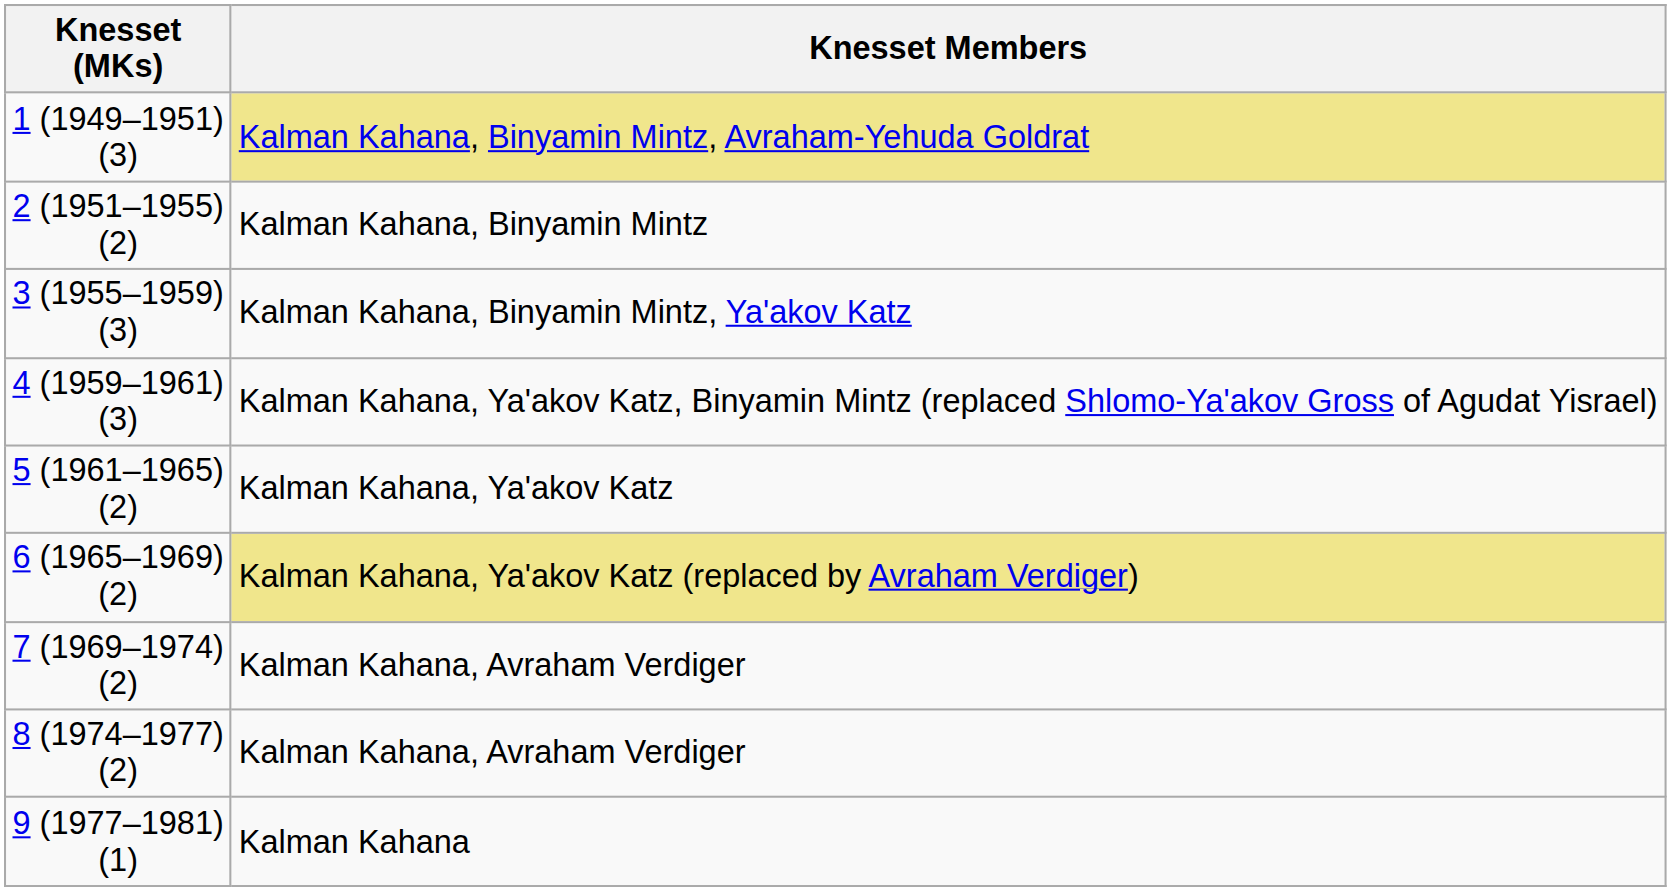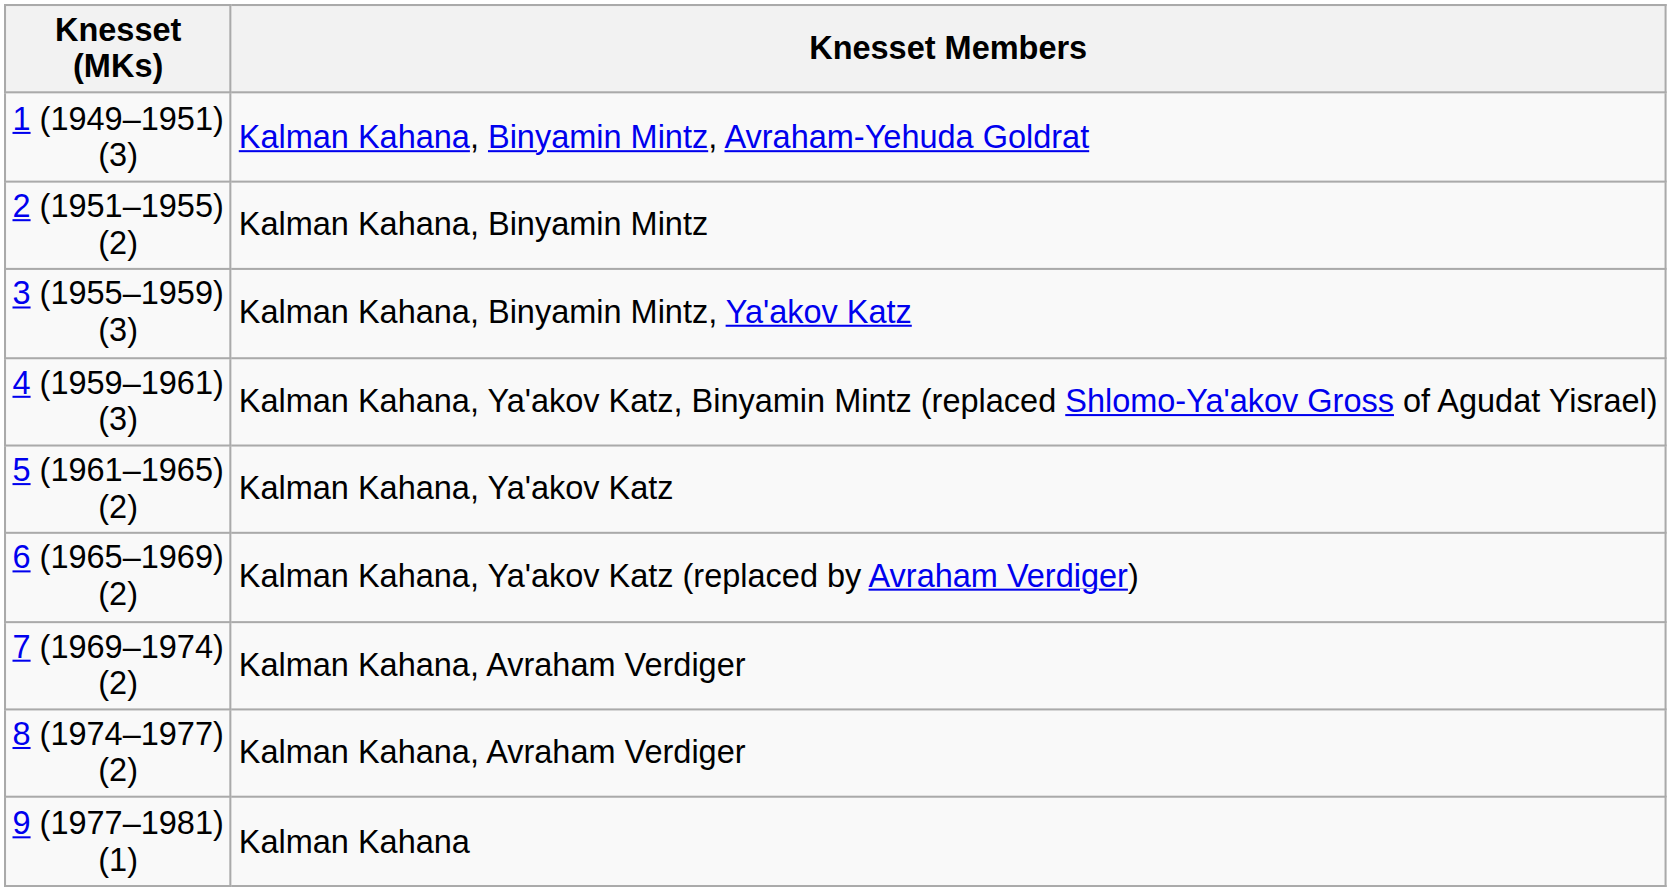 <table class="wikitable" style="text-align:center;">
 <tr>
 <th>Knesset<br>(MKs)</th>
 <th>Knesset Members</th>
 </tr>
 <tr>
 <td><a href='#'>1</a> (1949–1951)<br>(3)</td>
-<td align=left style="background: khaki;"><a href='#'>Kalman Kahana</a>, <a href='#'>Binyamin Mintz</a>, <a href='#'>Avraham-Yehuda Goldrat</a></td>
+<td align=left><a href='#'>Kalman Kahana</a>, <a href='#'>Binyamin Mintz</a>, <a href='#'>Avraham-Yehuda Goldrat</a></td>
 </tr>
 <tr>
 <td><a href='#'>2</a> (1951–1955)<br>(2)</td>
 <td align=left>Kalman Kahana, Binyamin Mintz</td>
 </tr>
 <tr>
 <td><a href='#'>3</a> (1955–1959)<br>(3)</td>
 <td align=left>Kalman Kahana, Binyamin Mintz, <a href='#'>Ya'akov Katz</a></td>
 </tr>
 <tr>
 <td><a href='#'>4</a> (1959–1961)<br>(3)</td>
 <td align=left>Kalman Kahana, Ya'akov Katz, Binyamin Mintz (replaced <a href='#'>Shlomo-Ya'akov Gross</a> of Agudat Yisrael)</td>
 </tr>
 <tr>
 <td><a href='#'>5</a> (1961–1965)<br>(2)</td>
 <td align=left>Kalman Kahana, Ya'akov Katz</td>
 </tr>
 <tr>
 <td><a href='#'>6</a> (1965–1969)<br>(2)</td>
-<td align=left style="background: khaki;">Kalman Kahana, Ya'akov Katz (replaced by <a href='#'>Avraham Verdiger</a>)</td>
+<td align=left>Kalman Kahana, Ya'akov Katz (replaced by <a href='#'>Avraham Verdiger</a>)</td>
 </tr>
 <tr>
 <td><a href='#'>7</a> (1969–1974)<br>(2)</td>
 <td align=left>Kalman Kahana, Avraham Verdiger</td>
 </tr>
 <tr>
 <td><a href='#'>8</a> (1974–1977)<br>(2)</td>
 <td align=left>Kalman Kahana, Avraham Verdiger</td>
 </tr>
 <tr>
 <td><a href='#'>9</a> (1977–1981)<br>(1)</td>
 <td align=left>Kalman Kahana</td>
 </tr>
 </table>
